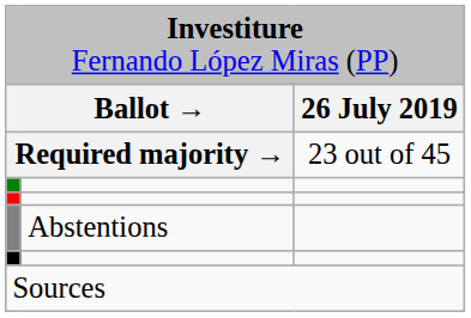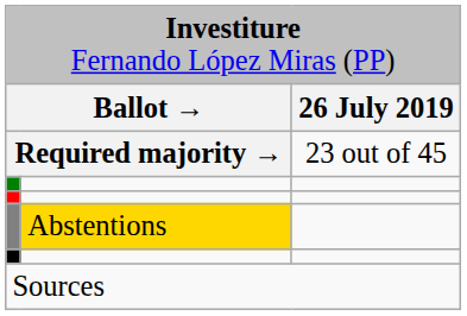 <table class="wikitable" style="text-align:center;">
 <tr>
 <td colspan="3" align="center" bgcolor="#C0C0C0"><strong>Investiture</strong><br><a href='#'>Fernando López Miras</a> (<a href='#'>PP</a>)</td>
 </tr>
 <tr>
 <th colspan="2" width="150px">Ballot →</th>
 <th>26 July 2019</th>
 </tr>
 <tr>
 <th colspan="2">Required majority →</th>
 <td>23 out of 45 </td>
 </tr>
 <tr>
 <th width="1px" style="background:green;"></th>
 <td align="left"></td>
 <td></td>
 </tr>
 <tr>
 <th style="background:red;"></th>
 <td align="left"></td>
 <td></td>
 </tr>
 <tr>
 <th style="background:gray;"></th>
-<td align="left">Abstentions</td>
+<td align="left" style="background: gold;">Abstentions</td>
 <td></td>
 </tr>
 <tr>
 <th style="background:black;"></th>
 <td align="left"></td>
 <td></td>
 </tr>
 <tr>
 <td align="left" colspan="6">Sources</td>
 </tr>
 </table>
